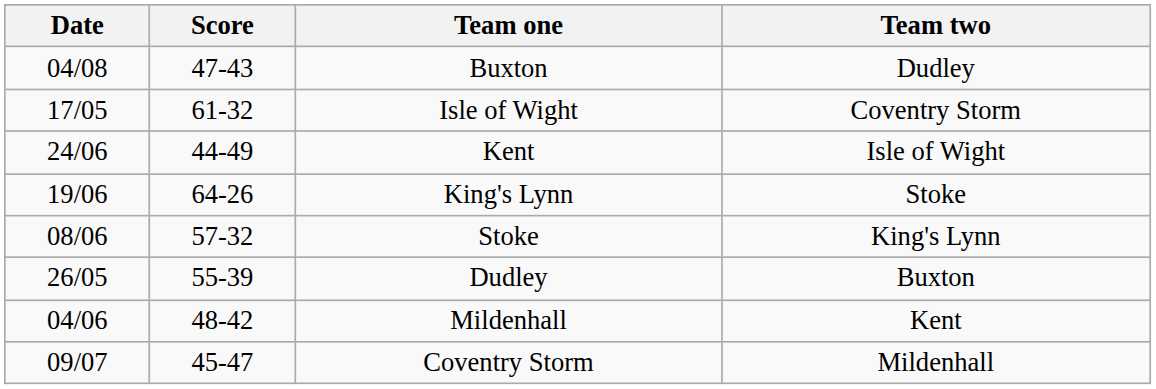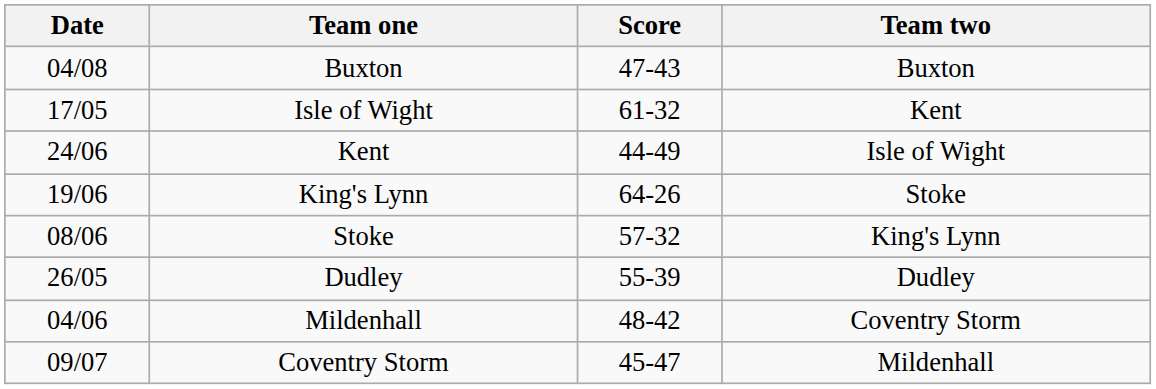 <table class="wikitable" style="text-align: center">
 <tr>
 <th width=80>Date</th>
+<th width=250>Team one</th>
 <th width=80>Score</th>
-<th width=250>Team one</th>
 <th width=250>Team two</th>
 </tr>
 <tr>
 <td>04/08</td>
+<td>Buxton</td>
 <td>47-43</td>
 <td>Buxton</td>
-<td>Dudley</td>
 </tr>
 <tr>
 <td>17/05</td>
+<td>Isle of Wight</td>
 <td>61-32</td>
-<td>Isle of Wight</td>
-<td>Coventry Storm</td>
+<td>Kent</td>
 </tr>
 <tr>
 <td>24/06</td>
+<td>Kent</td>
 <td>44-49</td>
-<td>Kent</td>
 <td>Isle of Wight</td>
 </tr>
 <tr>
 <td>19/06</td>
+<td>King's Lynn</td>
 <td>64-26</td>
-<td>King's Lynn</td>
 <td>Stoke</td>
 </tr>
 <tr>
 <td>08/06</td>
+<td>Stoke</td>
 <td>57-32</td>
-<td>Stoke</td>
 <td>King's Lynn</td>
 </tr>
 <tr>
 <td>26/05</td>
+<td>Dudley</td>
 <td>55-39</td>
 <td>Dudley</td>
-<td>Buxton</td>
 </tr>
 <tr>
 <td>04/06</td>
+<td>Mildenhall</td>
 <td>48-42</td>
-<td>Mildenhall</td>
-<td>Kent</td>
+<td>Coventry Storm</td>
 </tr>
 <tr>
 <td>09/07</td>
+<td>Coventry Storm</td>
 <td>45-47</td>
-<td>Coventry Storm</td>
 <td>Mildenhall</td>
 </tr>
 </table>
